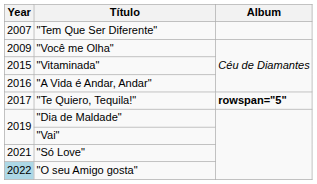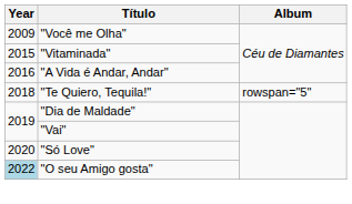 <table class="wikitable">
 <tr>
 <th>Year</th>
 <th style="width:16em;">Título</th>
 <th>Album</th>
-</tr>
-<tr>
-<td>2007</td>
-<td>"Tem Que Ser Diferente"</td>
-<td></td>
 </tr>
 <tr>
 <td>2009</td>
 <td>"Você me Olha"</td>
 <td rowspan="3" align="center"><em>Céu de Diamantes</em></td>
 </tr>
 <tr>
 <td>2015</td>
 <td>"Vitaminada"</td>
 </tr>
 <tr>
 <td>2016</td>
 <td>"A Vida é Andar, Andar"</td>
 </tr>
 <tr>
-<td>2017</td>
+<td>2018</td>
 <td>"Te Quiero, Tequila!"</td>
-<td><strong>rowspan="5" </strong></td>
+<td>rowspan="5" </td>
 </tr>
 <tr>
 <td rowspan="2">2019</td>
 <td>"Dia de Maldade"</td>
 </tr>
 <tr>
 <td>"Vai"</td>
 </tr>
 <tr>
-<td rowspan="1">2021</td>
+<td rowspan="1">2020</td>
 <td>"Só Love"</td>
 </tr>
 <tr>
 <td rowspan="1" style="background: lightblue;">2022</td>
 <td>"O seu Amigo gosta"</td>
 </tr>
 </table>
